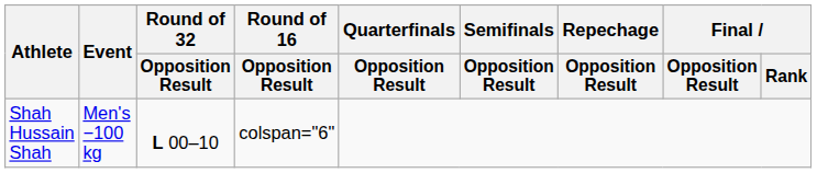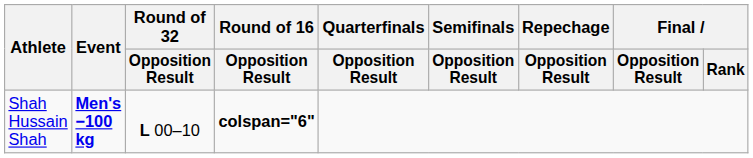 <table class="wikitable" style="font-size:90%">
 <tr>
 <th rowspan="2">Athlete</th>
 <th rowspan="2">Event</th>
 <th>Round of 32</th>
 <th>Round of 16</th>
 <th>Quarterfinals</th>
 <th>Semifinals</th>
 <th>Repechage</th>
 <th colspan=2>Final / </th>
 </tr>
 <tr style="font-size:95%">
 <th>Opposition<br>Result</th>
 <th>Opposition<br>Result</th>
 <th>Opposition<br>Result</th>
 <th>Opposition<br>Result</th>
 <th>Opposition<br>Result</th>
 <th>Opposition<br>Result</th>
 <th>Rank</th>
 </tr>
 <tr align=center>
 <td align=left><a href='#'>Shah Hussain Shah</a></td>
-<td align=left><a href='#'>Men's −100 kg</a></td>
+<td align=left><strong><a href='#'>Men's −100 kg</a></strong></td>
 <td><br> <strong>L</strong> 00–10<br></td>
-<td>colspan="6" </td>
+<td><strong>colspan="6" </strong></td>
 </tr>
 </table>
